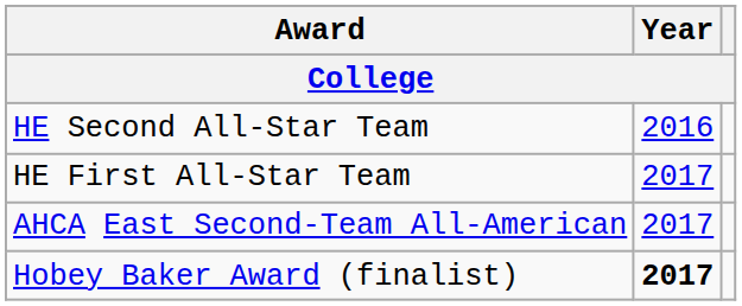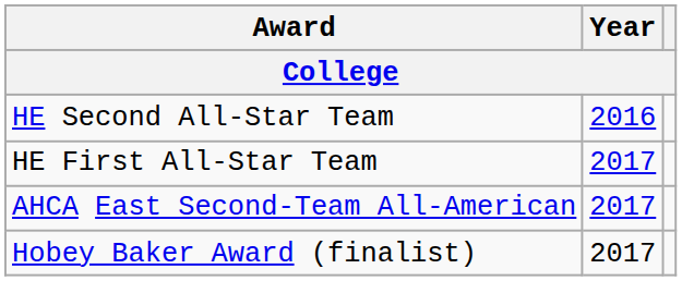 <table class="wikitable">
 <tr>
 <th>Award</th>
 <th>Year</th>
 <th></th>
 </tr>
 <tr>
 <th colspan="3"><a href='#'>College</a></th>
 </tr>
 <tr>
 <td><a href='#'>HE</a> Second All-Star Team</td>
 <td><a href='#'>2016</a></td>
 <td></td>
 </tr>
 <tr>
 <td>HE First All-Star Team</td>
 <td><a href='#'>2017</a></td>
 <td></td>
 </tr>
 <tr>
 <td><a href='#'>AHCA</a> <a href='#'>East Second-Team All-American</a></td>
 <td><a href='#'>2017</a></td>
 <td></td>
 </tr>
 <tr>
 <td><a href='#'>Hobey Baker Award</a> (finalist)</td>
-<td><strong>2017</strong></td>
+<td>2017</td>
 <td></td>
 </tr>
 </table>
